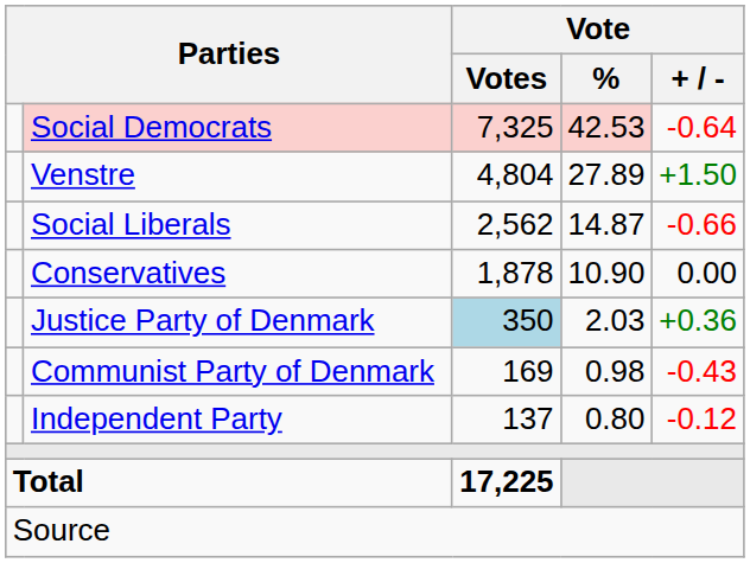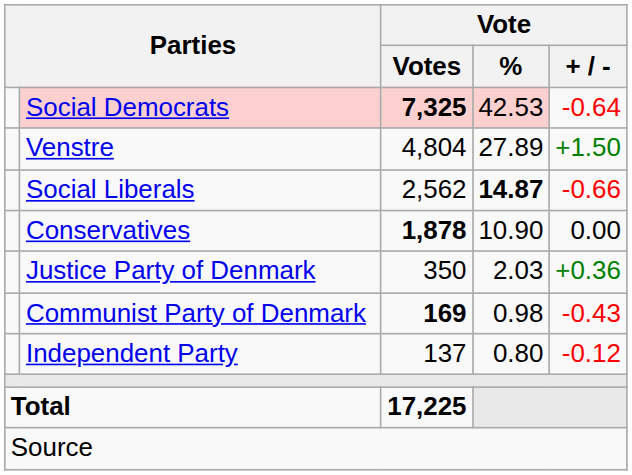 <table class="wikitable" style="text-align:right;">
 <tr>
 <th style="text-align:centre;" rowspan="2" colspan="2" width="225">Parties</th>
 <th colspan="3">Vote</th>
 </tr>
 <tr>
 <th width="15">Votes</th>
 <th width="15">%</th>
 <th width="15">+ / -</th>
 </tr>
 <tr>
 <td width="2" style="color:inherit;background:"></td>
 <td bgcolor=#fbd0ce  align="left"><a href='#'>Social Democrats</a></td>
-<td bgcolor=#fbd0ce>7,325</td>
+<td bgcolor=#fbd0ce><strong>7,325</strong></td>
 <td bgcolor=#fbd0ce>42.53</td>
 <td style=color:red;>-0.64</td>
 </tr>
 <tr>
 <td width="2" style="color:inherit;background:"></td>
 <td align="left"><a href='#'>Venstre</a></td>
 <td>4,804</td>
 <td>27.89</td>
 <td style=color:green;>+1.50</td>
 </tr>
 <tr>
 <td width="2" style="color:inherit;background:"></td>
 <td align="left"><a href='#'>Social Liberals</a></td>
 <td>2,562</td>
-<td>14.87</td>
+<td><strong>14.87</strong></td>
 <td style=color:red;>-0.66</td>
 </tr>
 <tr>
 <td width="2" style="color:inherit;background:"></td>
 <td align="left"><a href='#'>Conservatives</a></td>
-<td>1,878</td>
+<td><strong>1,878</strong></td>
 <td>10.90</td>
 <td>0.00</td>
 </tr>
 <tr>
 <td width="2" style="color:inherit;background:"></td>
 <td align="left"><a href='#'>Justice Party of Denmark</a></td>
-<td style="background: lightblue;">350</td>
+<td>350</td>
 <td>2.03</td>
 <td style=color:green;>+0.36</td>
 </tr>
 <tr>
 <td width="2" style="color:inherit;background:"></td>
 <td align="left"><a href='#'>Communist Party of Denmark</a></td>
-<td>169</td>
+<td><strong>169</strong></td>
 <td>0.98</td>
 <td style=color:red;>-0.43</td>
 </tr>
 <tr>
 <td width="2" style="color:inherit;background:"></td>
 <td align="left"><a href='#'>Independent Party</a></td>
 <td>137</td>
 <td>0.80</td>
 <td style=color:red;>-0.12</td>
 </tr>
 <tr>
 <td colspan="7" bgcolor="#E9E9E9"></td>
 </tr>
 <tr>
 <td align="left" colspan="2"><strong>Total</strong></td>
 <td><strong>17,225</strong></td>
 <td bgcolor="#E9E9E9" colspan="2"></td>
 </tr>
 <tr>
 <td align="left" colspan="6">Source</td>
 </tr>
 </table>
